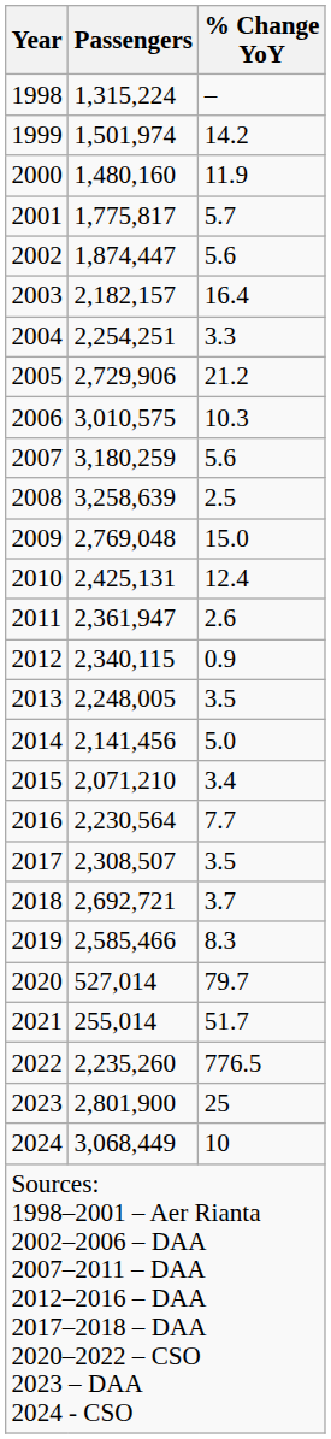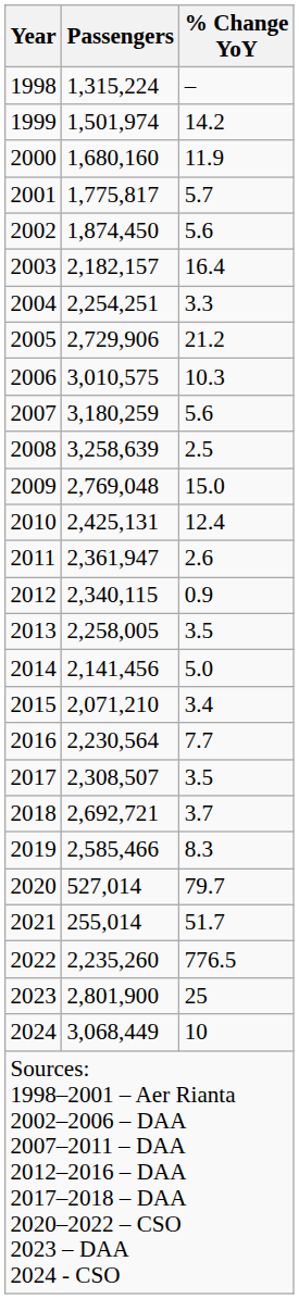 <table class="wikitable sortable" style="text-align:left;">
 <tr>
 <th>Year</th>
 <th>Passengers</th>
 <th>% Change<br>YoY</th>
 </tr>
 <tr>
 <td>1998</td>
 <td>1,315,224</td>
 <td>–</td>
 </tr>
 <tr>
 <td>1999</td>
 <td>1,501,974</td>
 <td> 14.2</td>
 </tr>
 <tr>
 <td>2000</td>
-<td>1,480,160</td>
+<td>1,680,160</td>
 <td> 11.9</td>
 </tr>
 <tr>
 <td>2001</td>
 <td>1,775,817</td>
 <td> 5.7</td>
 </tr>
 <tr>
 <td>2002</td>
-<td>1,874,447</td>
+<td>1,874,450</td>
 <td> 5.6</td>
 </tr>
 <tr>
 <td>2003</td>
 <td>2,182,157</td>
 <td> 16.4</td>
 </tr>
 <tr>
 <td>2004</td>
 <td>2,254,251</td>
 <td> 3.3</td>
 </tr>
 <tr>
 <td>2005</td>
 <td>2,729,906</td>
 <td> 21.2</td>
 </tr>
 <tr>
 <td>2006</td>
 <td>3,010,575</td>
 <td> 10.3</td>
 </tr>
 <tr>
 <td>2007</td>
 <td>3,180,259</td>
 <td> 5.6</td>
 </tr>
 <tr>
 <td>2008</td>
 <td>3,258,639</td>
 <td> 2.5</td>
 </tr>
 <tr>
 <td>2009</td>
 <td>2,769,048</td>
 <td> 15.0</td>
 </tr>
 <tr>
 <td>2010</td>
 <td>2,425,131</td>
 <td> 12.4</td>
 </tr>
 <tr>
 <td>2011</td>
 <td>2,361,947</td>
 <td> 2.6</td>
 </tr>
 <tr>
 <td>2012</td>
 <td>2,340,115</td>
 <td> 0.9</td>
 </tr>
 <tr>
 <td>2013</td>
-<td>2,248,005</td>
+<td>2,258,005</td>
 <td> 3.5</td>
 </tr>
 <tr>
 <td>2014</td>
 <td>2,141,456</td>
 <td> 5.0</td>
 </tr>
 <tr>
 <td>2015</td>
 <td>2,071,210</td>
 <td> 3.4</td>
 </tr>
 <tr>
 <td>2016</td>
 <td>2,230,564</td>
 <td> 7.7</td>
 </tr>
 <tr>
 <td>2017</td>
 <td>2,308,507</td>
 <td> 3.5</td>
 </tr>
 <tr>
 <td>2018</td>
 <td>2,692,721</td>
 <td> 3.7</td>
 </tr>
 <tr>
 <td>2019</td>
 <td>2,585,466</td>
 <td> 8.3</td>
 </tr>
 <tr>
 <td>2020</td>
 <td>527,014</td>
 <td> 79.7</td>
 </tr>
 <tr>
 <td>2021</td>
 <td>255,014</td>
 <td> 51.7</td>
 </tr>
 <tr>
 <td>2022</td>
 <td>2,235,260</td>
 <td> 776.5</td>
 </tr>
 <tr>
 <td>2023</td>
 <td>2,801,900</td>
 <td> 25</td>
 </tr>
 <tr>
 <td>2024</td>
 <td>3,068,449</td>
 <td> 10</td>
 </tr>
 <tr class="sortbottom">
 <td colspan="3" style="text-align:left;">Sources:<br>1998–2001 – Aer Rianta <br>2002–2006 – DAA <br>2007–2011 – DAA <br>2012–2016 – DAA <br>2017–2018 – DAA <br>2020–2022 – CSO <br>2023 – DAA <br>2024 - CSO</td>
 </tr>
 </table>
